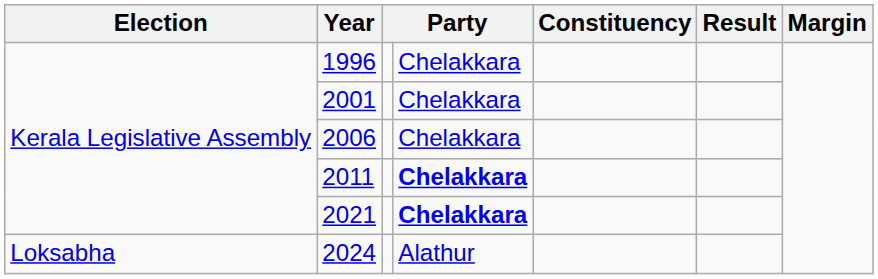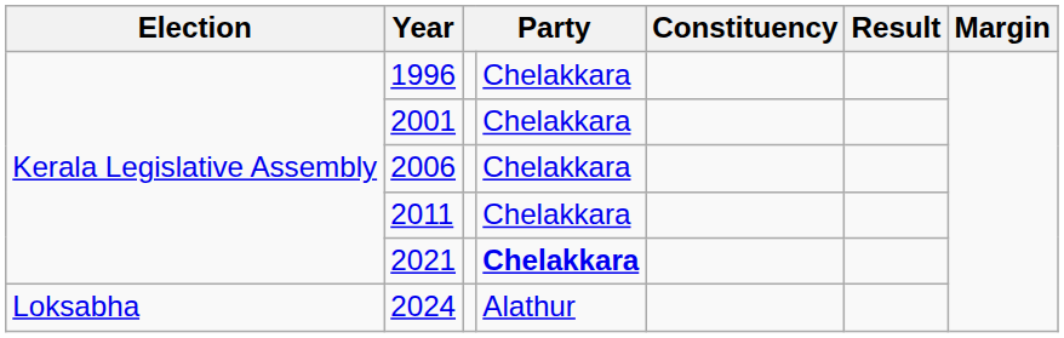 <table class="sortable wikitable">
 <tr>
 <th>Election</th>
 <th>Year</th>
 <th colspan = "2">Party</th>
 <th>Constituency</th>
 <th>Result</th>
 <th>Margin</th>
 </tr>
 <tr>
 <td rowspan = "5"><a href='#'>Kerala Legislative Assembly</a></td>
 <td><a href='#'>1996</a></td>
 <td></td>
 <td><a href='#'>Chelakkara</a></td>
 <td></td>
 <td></td>
 </tr>
 <tr>
 <td><a href='#'>2001</a></td>
 <td></td>
 <td><a href='#'>Chelakkara</a></td>
 <td></td>
 <td></td>
 </tr>
 <tr>
 <td><a href='#'>2006</a></td>
 <td></td>
 <td><a href='#'>Chelakkara</a></td>
 <td></td>
 <td></td>
 </tr>
 <tr>
 <td><a href='#'>2011</a></td>
 <td></td>
-<td><strong><a href='#'>Chelakkara</a></strong></td>
+<td><a href='#'>Chelakkara</a></td>
 <td></td>
 <td></td>
 </tr>
 <tr>
 <td><a href='#'>2021</a></td>
 <td></td>
 <td><strong><a href='#'>Chelakkara</a></strong></td>
 <td></td>
 <td></td>
 </tr>
 <tr>
 <td><a href='#'>Loksabha</a></td>
 <td><a href='#'>2024</a></td>
 <td></td>
 <td><a href='#'>Alathur</a></td>
 <td></td>
 <td></td>
 </tr>
 </table>
